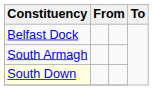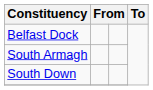 <table class="wikitable">
 <tr>
 <th>Constituency</th>
 <th colspan=2>From</th>
 <th colspan=2>To</th>
 </tr>
 <tr>
 <td><a href='#'>Belfast Dock</a></td>
 <td></td>
 <td></td>
 </tr>
 <tr>
 <td><a href='#'>South Armagh</a></td>
 <td></td>
 <td></td>
 </tr>
 <tr>
-<td style="background: lightyellow;"><a href='#'>South Down</a></td>
+<td><a href='#'>South Down</a></td>
 <td></td>
 <td></td>
 </tr>
 <tr>
 </tr>
 </table>
